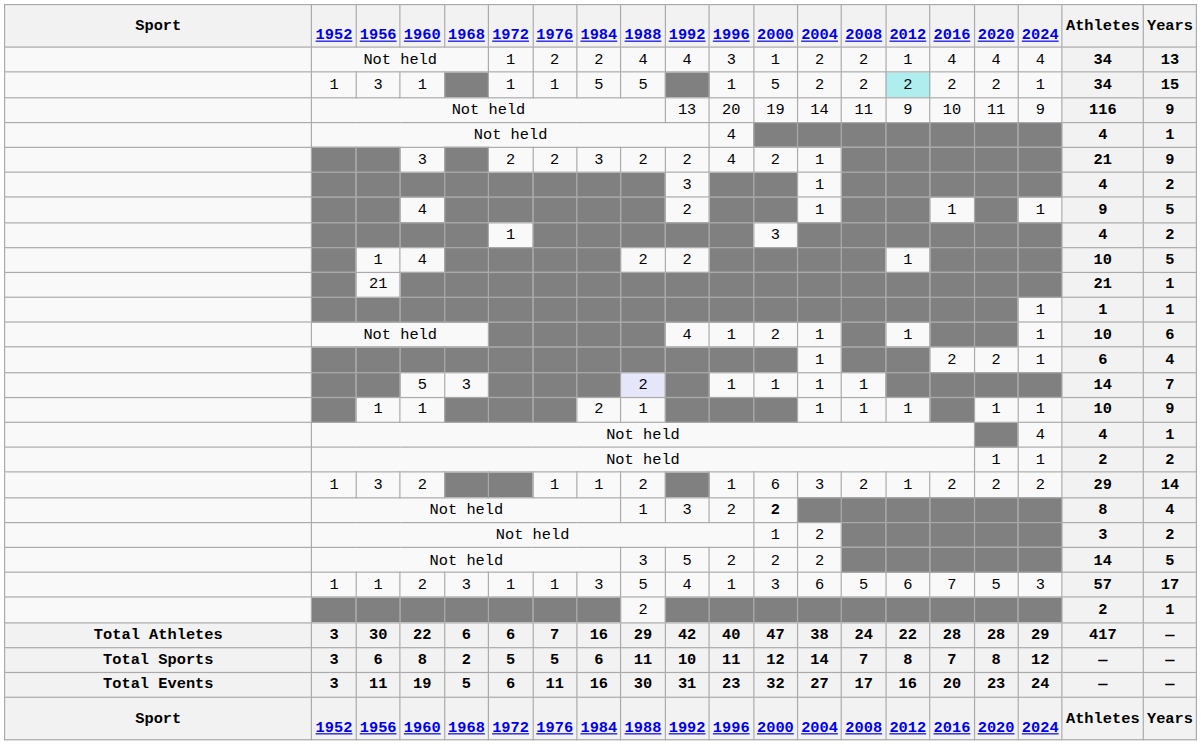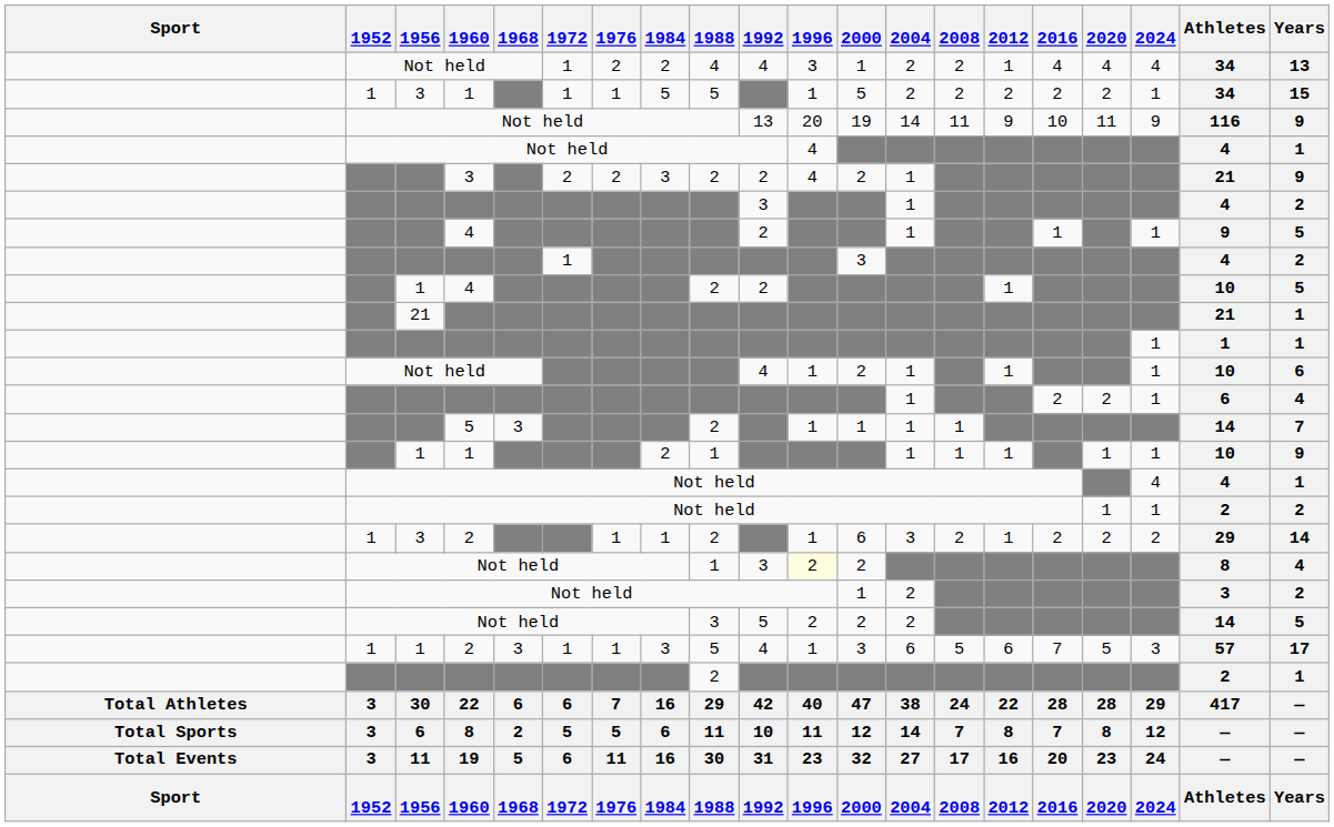 <table class="wikitable" width=80%>
 <tr>
 <th style="width:30em">Sport</th>
 <th><br><a href='#'>1952</a></th>
 <th><br><a href='#'>1956</a></th>
 <th><br><a href='#'>1960</a></th>
 <th><br><a href='#'>1968</a></th>
 <th><br><a href='#'>1972</a></th>
 <th><br><a href='#'>1976</a></th>
 <th><br><a href='#'>1984</a></th>
 <th><br><a href='#'>1988</a></th>
 <th><br><a href='#'>1992</a></th>
 <th><br><a href='#'>1996</a></th>
 <th><br><a href='#'>2000</a></th>
 <th><br><a href='#'>2004</a></th>
 <th><br><a href='#'>2008</a></th>
 <th><br><a href='#'>2012</a></th>
 <th><br><a href='#'>2016</a></th>
 <th><br><a href='#'>2020</a></th>
 <th><br><a href='#'>2024</a></th>
 <th>Athletes</th>
 <th>Years</th>
 </tr>
 <tr>
 <td></td>
 <td colspan="4" align=center>Not held</td>
 <td align=center>1</td>
 <td align=center>2</td>
 <td align=center>2</td>
 <td align=center>4</td>
 <td align=center>4</td>
 <td align=center>3</td>
 <td align=center>1</td>
 <td align=center>2</td>
 <td align=center>2</td>
 <td align=center>1</td>
 <td align=center>4</td>
 <td align=center>4</td>
 <td align=center>4</td>
 <th align=center>34</th>
 <th align=center>13</th>
 </tr>
 <tr>
 <td></td>
 <td align=center>1</td>
 <td align=center>3</td>
 <td align=center>1</td>
 <td bgcolor=grey></td>
 <td align=center>1</td>
 <td align=center>1</td>
 <td align=center>5</td>
 <td align=center>5</td>
 <td bgcolor=grey></td>
 <td align=center>1</td>
 <td align=center>5</td>
 <td align=center>2</td>
 <td align=center>2</td>
-<td align=center style="background: paleturquoise;">2</td>
+<td align=center>2</td>
 <td align=center>2</td>
 <td align=center>2</td>
 <td align=center>1</td>
 <th align=center>34</th>
 <th align=center>15</th>
 </tr>
 <tr>
 <td></td>
 <td colspan="8" align=center>Not held</td>
 <td align=center>13</td>
 <td align=center>20</td>
 <td align=center>19</td>
 <td align=center>14</td>
 <td align=center>11</td>
 <td align=center>9</td>
 <td align=center>10</td>
 <td align=center>11</td>
 <td align=center>9</td>
 <th align=center>116</th>
 <th align=center>9</th>
 </tr>
 <tr>
 <td></td>
 <td colspan="9" align=center>Not held</td>
 <td align=center>4</td>
 <td bgcolor=grey></td>
 <td bgcolor=grey></td>
 <td bgcolor=grey></td>
 <td bgcolor=grey></td>
 <td bgcolor=grey></td>
 <td bgcolor=grey></td>
 <td bgcolor=grey></td>
 <th align=center>4</th>
 <th align=center>1</th>
 </tr>
 <tr>
 <td></td>
 <td bgcolor=grey></td>
 <td bgcolor=grey></td>
 <td align=center>3</td>
 <td bgcolor=grey></td>
 <td align=center>2</td>
 <td align=center>2</td>
 <td align=center>3</td>
 <td align=center>2</td>
 <td align=center>2</td>
 <td align=center>4</td>
 <td align=center>2</td>
 <td align=center>1</td>
 <td bgcolor=grey></td>
 <td bgcolor=grey></td>
 <td bgcolor=grey></td>
 <td bgcolor=grey></td>
 <td bgcolor=grey></td>
 <th align=center>21</th>
 <th align=center>9</th>
 </tr>
 <tr>
 <td></td>
 <td bgcolor=grey></td>
 <td bgcolor=grey></td>
 <td bgcolor=grey></td>
 <td bgcolor=grey></td>
 <td bgcolor=grey></td>
 <td bgcolor=grey></td>
 <td bgcolor=grey></td>
 <td bgcolor=grey></td>
 <td align=center>3</td>
 <td bgcolor=grey></td>
 <td bgcolor=grey></td>
 <td align=center>1</td>
 <td bgcolor=grey></td>
 <td bgcolor=grey></td>
 <td bgcolor=grey></td>
 <td bgcolor=grey></td>
 <td bgcolor=grey></td>
 <th align=center>4</th>
 <th align=center>2</th>
 </tr>
 <tr>
 <td></td>
 <td bgcolor=grey></td>
 <td bgcolor=grey></td>
 <td align=center>4</td>
 <td bgcolor=grey></td>
 <td bgcolor=grey></td>
 <td bgcolor=grey></td>
 <td bgcolor=grey></td>
 <td bgcolor=grey></td>
 <td align=center>2</td>
 <td bgcolor=grey></td>
 <td bgcolor=grey></td>
 <td align=center>1</td>
 <td bgcolor=grey></td>
 <td bgcolor=grey></td>
 <td align=center>1</td>
 <td bgcolor=grey></td>
 <td align=center>1</td>
 <th align=center>9</th>
 <th align=center>5</th>
 </tr>
 <tr>
 <td></td>
 <td bgcolor=grey></td>
 <td bgcolor=grey></td>
 <td bgcolor=grey></td>
 <td bgcolor=grey></td>
 <td align=center>1</td>
 <td bgcolor=grey></td>
 <td bgcolor=grey></td>
 <td bgcolor=grey></td>
 <td bgcolor=grey></td>
 <td bgcolor=grey></td>
 <td align=center>3</td>
 <td bgcolor=grey></td>
 <td bgcolor=grey></td>
 <td bgcolor=grey></td>
 <td bgcolor=grey></td>
 <td bgcolor=grey></td>
 <td bgcolor=grey></td>
 <th align=center>4</th>
 <th align=center>2</th>
 </tr>
 <tr>
 <td></td>
 <td bgcolor=grey></td>
 <td align=center>1</td>
 <td align=center>4</td>
 <td bgcolor=grey></td>
 <td bgcolor=grey></td>
 <td bgcolor=grey></td>
 <td bgcolor=grey></td>
 <td align=center>2</td>
 <td align=center>2</td>
 <td bgcolor=grey></td>
 <td bgcolor=grey></td>
 <td bgcolor=grey></td>
 <td bgcolor=grey></td>
 <td align=center>1</td>
 <td bgcolor=grey></td>
 <td bgcolor=grey></td>
 <td bgcolor=grey></td>
 <th align=center>10</th>
 <th align=center>5</th>
 </tr>
 <tr>
 <td></td>
 <td bgcolor=grey></td>
 <td align=center>21</td>
 <td bgcolor=grey></td>
 <td bgcolor=grey></td>
 <td bgcolor=grey></td>
 <td bgcolor=grey></td>
 <td bgcolor=grey></td>
 <td bgcolor=grey></td>
 <td bgcolor=grey></td>
 <td bgcolor=grey></td>
 <td bgcolor=grey></td>
 <td bgcolor=grey></td>
 <td bgcolor=grey></td>
 <td bgcolor=grey></td>
 <td bgcolor=grey></td>
 <td bgcolor=grey></td>
 <td bgcolor=grey></td>
 <th align=center>21</th>
 <th align=center>1</th>
 </tr>
 <tr>
 <td></td>
 <td bgcolor=grey></td>
 <td bgcolor=grey></td>
 <td bgcolor=grey></td>
 <td bgcolor=grey></td>
 <td bgcolor=grey></td>
 <td bgcolor=grey></td>
 <td bgcolor=grey></td>
 <td bgcolor=grey></td>
 <td bgcolor=grey></td>
 <td bgcolor=grey></td>
 <td bgcolor=grey></td>
 <td bgcolor=grey></td>
 <td bgcolor=grey></td>
 <td bgcolor=grey></td>
 <td bgcolor=grey></td>
 <td bgcolor=grey></td>
 <td align=center>1</td>
 <th align=center>1</th>
 <th align=center>1</th>
 </tr>
 <tr>
 <td></td>
 <td colspan="4" align=center>Not held</td>
 <td bgcolor=grey></td>
 <td bgcolor=grey></td>
 <td bgcolor=grey></td>
 <td bgcolor=grey></td>
 <td align=center>4</td>
 <td align=center>1</td>
 <td align=center>2</td>
 <td align=center>1</td>
 <td bgcolor=grey></td>
 <td align=center>1</td>
 <td bgcolor=grey></td>
 <td bgcolor=grey></td>
 <td align=center>1</td>
 <th align=center>10</th>
 <th align=center>6</th>
 </tr>
 <tr>
 <td></td>
 <td bgcolor=grey></td>
 <td bgcolor=grey></td>
 <td bgcolor=grey></td>
 <td bgcolor=grey></td>
 <td bgcolor=grey></td>
 <td bgcolor=grey></td>
 <td bgcolor=grey></td>
 <td bgcolor=grey></td>
 <td bgcolor=grey></td>
 <td bgcolor=grey></td>
 <td bgcolor=grey></td>
 <td align=center>1</td>
 <td bgcolor=grey></td>
 <td bgcolor=grey></td>
 <td align=center>2</td>
 <td align=center>2</td>
 <td align=center>1</td>
 <th align=center>6</th>
 <th align=center>4</th>
 </tr>
 <tr>
 <td></td>
 <td bgcolor=grey></td>
 <td bgcolor=grey></td>
 <td align=center>5</td>
 <td align=center>3</td>
 <td bgcolor=grey></td>
 <td bgcolor=grey></td>
 <td bgcolor=grey></td>
-<td align=center style="background: lavender;">2</td>
+<td align=center>2</td>
 <td bgcolor=grey></td>
 <td align=center>1</td>
 <td align=center>1</td>
 <td align=center>1</td>
 <td align=center>1</td>
 <td bgcolor=grey></td>
 <td bgcolor=grey></td>
 <td bgcolor=grey></td>
 <td bgcolor=grey></td>
 <th align=center>14</th>
 <th align=center>7</th>
 </tr>
 <tr>
 <td></td>
 <td bgcolor=grey></td>
 <td align=center>1</td>
 <td align=center>1</td>
 <td bgcolor=grey></td>
 <td bgcolor=grey></td>
 <td bgcolor=grey></td>
 <td align=center>2</td>
 <td align=center>1</td>
 <td bgcolor=grey></td>
 <td bgcolor=grey></td>
 <td bgcolor=grey></td>
 <td align=center>1</td>
 <td align=center>1</td>
 <td align=center>1</td>
 <td bgcolor=grey></td>
 <td align=center>1</td>
 <td align=center>1</td>
 <th align=center>10</th>
 <th align=center>9</th>
 </tr>
 <tr>
 <td></td>
 <td colspan="15" align=center>Not held</td>
 <td bgcolor=grey></td>
 <td align=center>4</td>
 <th align=center>4</th>
 <th align=center>1</th>
 </tr>
 <tr>
 <td></td>
 <td colspan="15" align=center>Not held</td>
 <td align=center>1</td>
 <td align=center>1</td>
 <th align=center>2</th>
 <th align=center>2</th>
 </tr>
 <tr>
 <td></td>
 <td align=center>1</td>
 <td align=center>3</td>
 <td align=center>2</td>
 <td bgcolor=grey></td>
 <td bgcolor=grey></td>
 <td align=center>1</td>
 <td align=center>1</td>
 <td align=center>2</td>
 <td bgcolor=grey></td>
 <td align=center>1</td>
 <td align=center>6</td>
 <td align=center>3</td>
 <td align=center>2</td>
 <td align=center>1</td>
 <td align=center>2</td>
 <td align=center>2</td>
 <td align=center>2</td>
 <th align=center>29</th>
 <th align=center>14</th>
 </tr>
 <tr>
 <td></td>
 <td colspan="7" align=center>Not held</td>
 <td align=center>1</td>
 <td align=center>3</td>
+<td align=center style="background: lightyellow;">2</td>
 <td align=center>2</td>
-<td align=center><strong>2</strong></td>
 <td bgcolor=grey></td>
 <td bgcolor=grey></td>
 <td bgcolor=grey></td>
 <td bgcolor=grey></td>
 <td bgcolor=grey></td>
 <td bgcolor=grey></td>
 <th align=center>8</th>
 <th align=center>4</th>
 </tr>
 <tr>
 <td></td>
 <td colspan="10" align=center>Not held</td>
 <td align=center>1</td>
 <td align=center>2</td>
 <td bgcolor=grey></td>
 <td bgcolor=grey></td>
 <td bgcolor=grey></td>
 <td bgcolor=grey></td>
 <td bgcolor=grey></td>
 <th align=center>3</th>
 <th align=center>2</th>
 </tr>
 <tr>
 <td></td>
 <td colspan="7" align=center>Not held</td>
 <td align=center>3</td>
 <td align=center>5</td>
 <td align=center>2</td>
 <td align=center>2</td>
 <td align=center>2</td>
 <td bgcolor=grey></td>
 <td bgcolor=grey></td>
 <td bgcolor=grey></td>
 <td bgcolor=grey></td>
 <td bgcolor=grey></td>
 <th align=center>14</th>
 <th align=center>5</th>
 </tr>
 <tr>
 <td></td>
 <td align=center>1</td>
 <td align=center>1</td>
 <td align=center>2</td>
 <td align=center>3</td>
 <td align=center>1</td>
 <td align=center>1</td>
 <td align=center>3</td>
 <td align=center>5</td>
 <td align=center>4</td>
 <td align=center>1</td>
 <td align=center>3</td>
 <td align=center>6</td>
 <td align=center>5</td>
 <td align=center>6</td>
 <td align=center>7</td>
 <td align=center>5</td>
 <td align=center>3</td>
 <th align=center>57</th>
 <th align=center>17</th>
 </tr>
 <tr>
 <td></td>
 <td bgcolor=grey></td>
 <td bgcolor=grey></td>
 <td bgcolor=grey></td>
 <td bgcolor=grey></td>
 <td bgcolor=grey></td>
 <td bgcolor=grey></td>
 <td bgcolor=grey></td>
 <td align=center>2</td>
 <td bgcolor=grey></td>
 <td bgcolor=grey></td>
 <td bgcolor=grey></td>
 <td bgcolor=grey></td>
 <td bgcolor=grey></td>
 <td bgcolor=grey></td>
 <td bgcolor=grey></td>
 <td bgcolor=grey></td>
 <td bgcolor=grey></td>
 <th align=center>2</th>
 <th align=center>1</th>
 </tr>
 <tr>
 <th>Total Athletes</th>
 <th align=center>3</th>
 <th align=center>30</th>
 <th align=center>22</th>
 <th align=center>6</th>
 <th align=center>6</th>
 <th align=center>7</th>
 <th align=center>16</th>
 <th align=center>29</th>
 <th align=center>42</th>
 <th align=center>40</th>
 <th align=center>47</th>
 <th align=center>38</th>
 <th align=center>24</th>
 <th align=center>22</th>
 <th align=center>28</th>
 <th align=center>28</th>
 <th align=center>29</th>
 <th align=center>417</th>
 <th align=center>—</th>
 </tr>
 <tr>
 <th>Total Sports</th>
 <th align=center>3</th>
 <th align=center>6</th>
 <th align=center>8</th>
 <th align=center>2</th>
 <th align=center>5</th>
 <th align=center>5</th>
 <th align=center>6</th>
 <th align=center>11</th>
 <th align=center>10</th>
 <th align=center>11</th>
 <th align=center>12</th>
 <th align=center>14</th>
 <th align=center>7</th>
 <th align=center>8</th>
 <th align=center>7</th>
 <th align=center>8</th>
 <th align=center>12</th>
 <th align=center>—</th>
 <th align=center>—</th>
 </tr>
 <tr>
 <th>Total Events</th>
 <th align=center>3</th>
 <th align=center>11</th>
 <th align=center>19</th>
 <th align=center>5</th>
 <th align=center>6</th>
 <th align=center>11</th>
 <th align=center>16</th>
 <th align=center>30</th>
 <th align=center>31</th>
 <th align=center>23</th>
 <th align=center>32</th>
 <th align=center>27</th>
 <th align=center>17</th>
 <th align=center>16</th>
 <th align=center>20</th>
 <th align=center>23</th>
 <th align=center>24</th>
 <th align=center>—</th>
 <th align=center>—</th>
 </tr>
 <tr>
 <th style="width:30em">Sport</th>
 <th><br><a href='#'>1952</a></th>
 <th><br><a href='#'>1956</a></th>
 <th><br><a href='#'>1960</a></th>
 <th><br><a href='#'>1968</a></th>
 <th><br><a href='#'>1972</a></th>
 <th><br><a href='#'>1976</a></th>
 <th><br><a href='#'>1984</a></th>
 <th><br><a href='#'>1988</a></th>
 <th><br><a href='#'>1992</a></th>
 <th><br><a href='#'>1996</a></th>
 <th><br><a href='#'>2000</a></th>
 <th><br><a href='#'>2004</a></th>
 <th><br><a href='#'>2008</a></th>
 <th><br><a href='#'>2012</a></th>
 <th><br><a href='#'>2016</a></th>
 <th><br><a href='#'>2020</a></th>
 <th><br><a href='#'>2024</a></th>
 <th>Athletes</th>
 <th>Years</th>
 </tr>
 </table>
